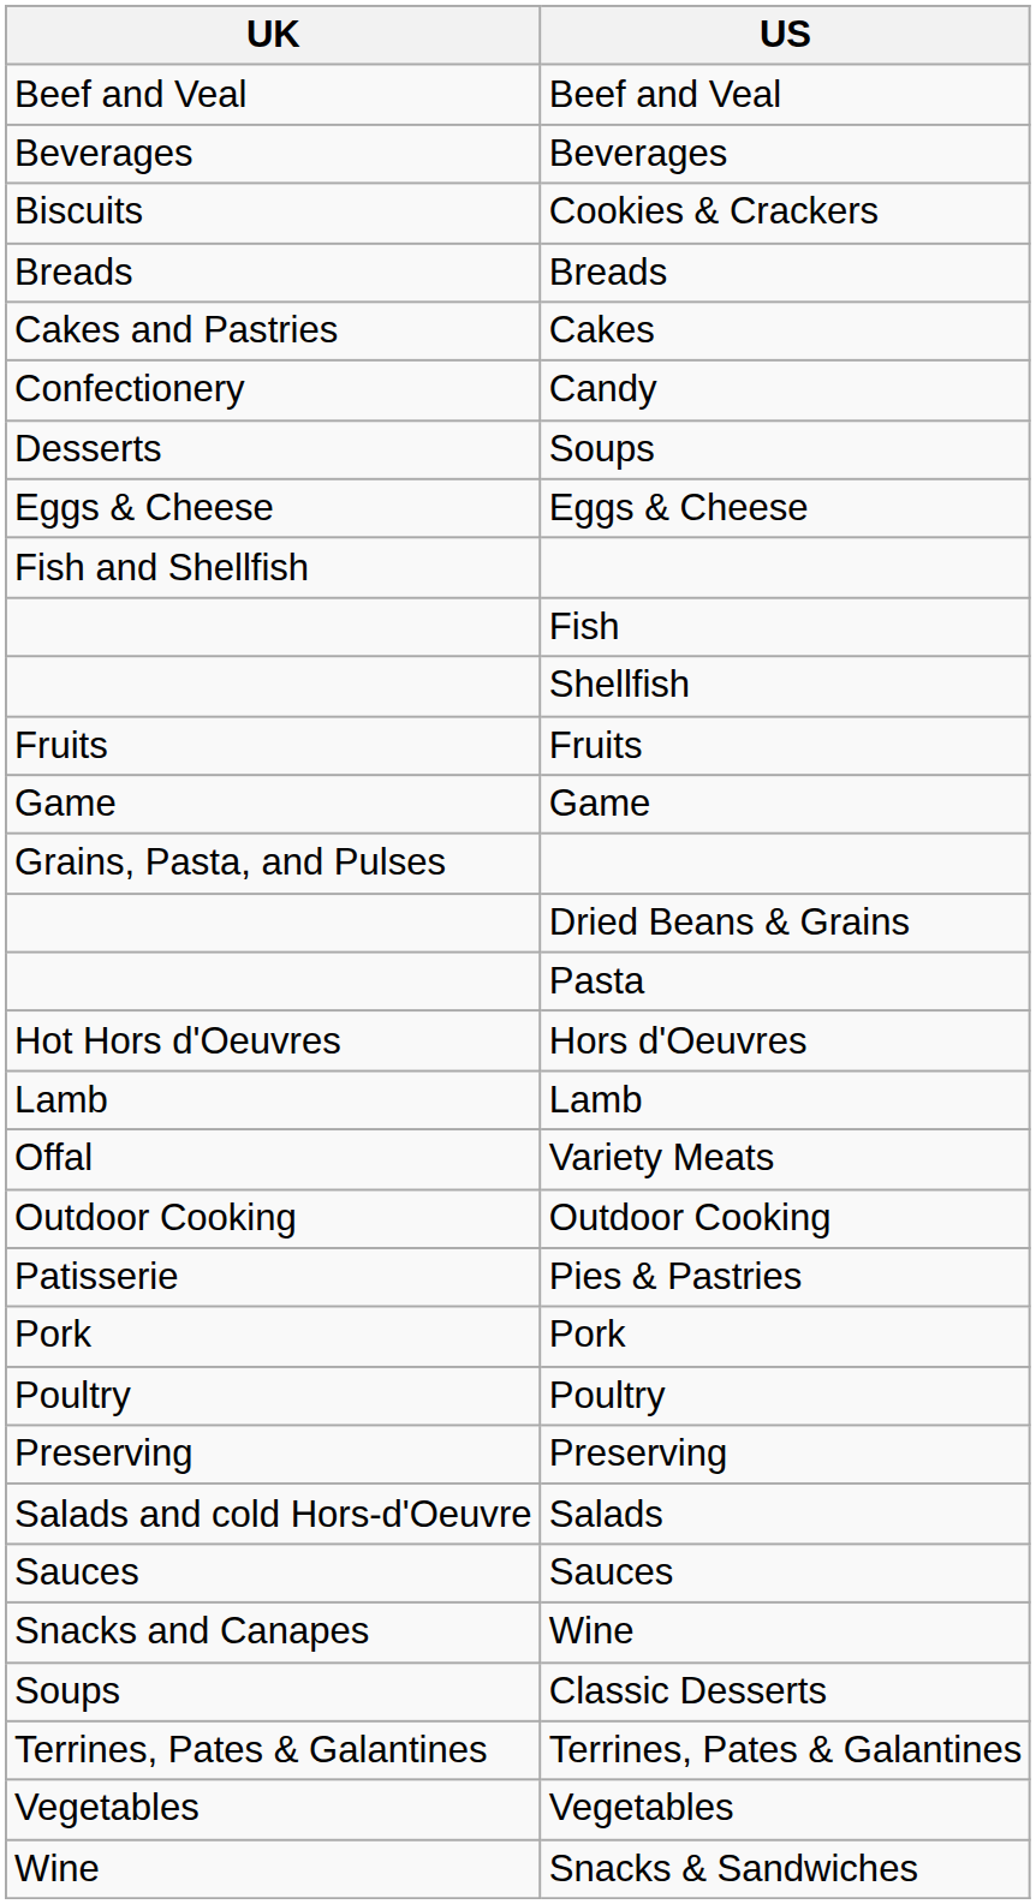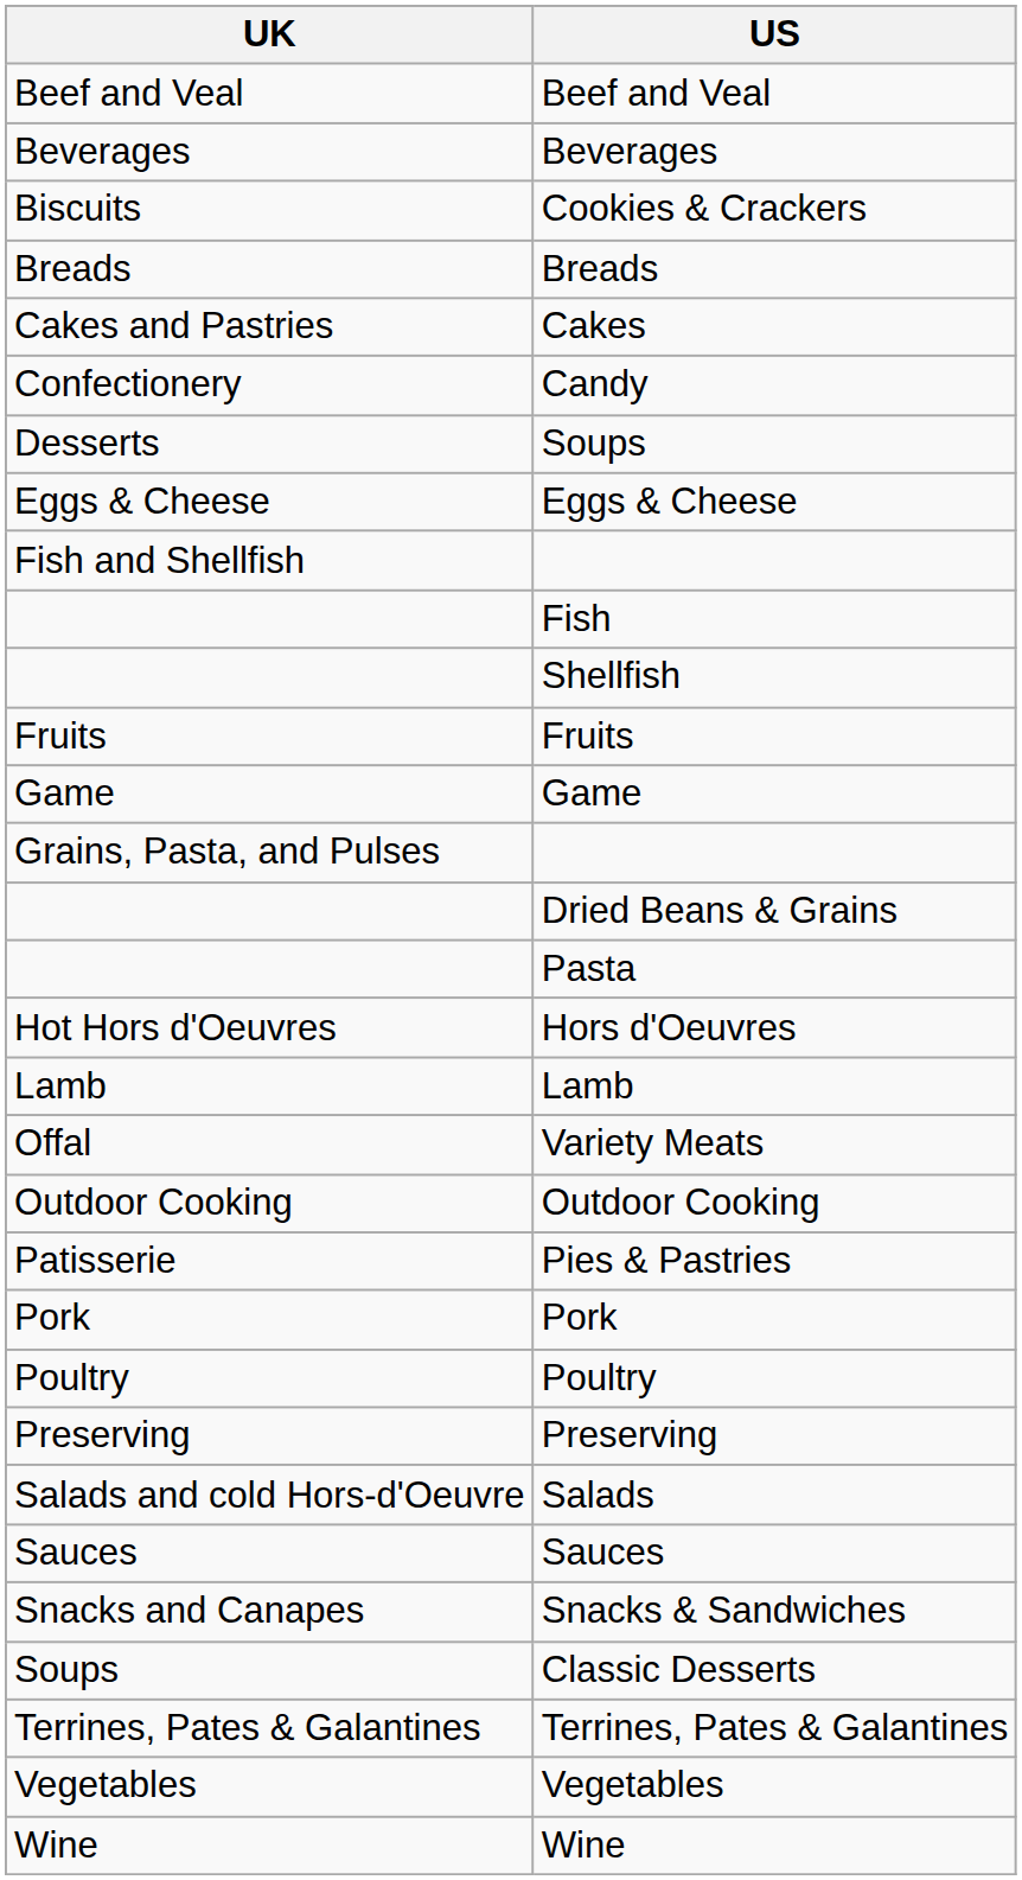 <table class="wikitable">
 <tr>
 <th>UK</th>
 <th>US</th>
 </tr>
 <tr>
 <td>Beef and Veal</td>
 <td>Beef and Veal</td>
 </tr>
 <tr>
 <td>Beverages</td>
 <td>Beverages</td>
 </tr>
 <tr>
 <td>Biscuits</td>
 <td>Cookies & Crackers</td>
 </tr>
 <tr>
 <td>Breads</td>
 <td>Breads</td>
 </tr>
 <tr>
 <td>Cakes and Pastries</td>
 <td>Cakes</td>
 </tr>
 <tr>
 <td>Confectionery</td>
 <td>Candy</td>
 </tr>
 <tr>
 <td>Desserts</td>
 <td>Soups</td>
 </tr>
 <tr>
 <td>Eggs & Cheese</td>
 <td>Eggs & Cheese</td>
 </tr>
 <tr>
 <td>Fish and Shellfish</td>
 <td></td>
 </tr>
 <tr>
 <td></td>
 <td>Fish</td>
 </tr>
 <tr>
 <td></td>
 <td>Shellfish</td>
 </tr>
 <tr>
 <td>Fruits</td>
 <td>Fruits</td>
 </tr>
 <tr>
 <td>Game</td>
 <td>Game</td>
 </tr>
 <tr>
 <td>Grains, Pasta, and Pulses</td>
 <td></td>
 </tr>
 <tr>
 <td></td>
 <td>Dried Beans & Grains</td>
 </tr>
 <tr>
 <td></td>
 <td>Pasta</td>
 </tr>
 <tr>
 <td>Hot Hors d'Oeuvres</td>
 <td>Hors d'Oeuvres</td>
 </tr>
 <tr>
 <td>Lamb</td>
 <td>Lamb</td>
 </tr>
 <tr>
 <td>Offal</td>
 <td>Variety Meats</td>
 </tr>
 <tr>
 <td>Outdoor Cooking</td>
 <td>Outdoor Cooking</td>
 </tr>
 <tr>
 <td>Patisserie</td>
 <td>Pies & Pastries</td>
 </tr>
 <tr>
 <td>Pork</td>
 <td>Pork</td>
 </tr>
 <tr>
 <td>Poultry</td>
 <td>Poultry</td>
 </tr>
 <tr>
 <td>Preserving</td>
 <td>Preserving</td>
 </tr>
 <tr>
 <td>Salads and cold Hors-d'Oeuvre</td>
 <td>Salads</td>
 </tr>
 <tr>
 <td>Sauces</td>
 <td>Sauces</td>
 </tr>
 <tr>
 <td>Snacks and Canapes</td>
-<td>Wine</td>
+<td>Snacks & Sandwiches</td>
 </tr>
 <tr>
 <td>Soups</td>
 <td>Classic Desserts</td>
 </tr>
 <tr>
 <td>Terrines, Pates & Galantines</td>
 <td>Terrines, Pates & Galantines</td>
 </tr>
 <tr>
 <td>Vegetables</td>
 <td>Vegetables</td>
 </tr>
 <tr>
 <td>Wine</td>
-<td>Snacks & Sandwiches</td>
+<td>Wine</td>
 </tr>
 </table>
